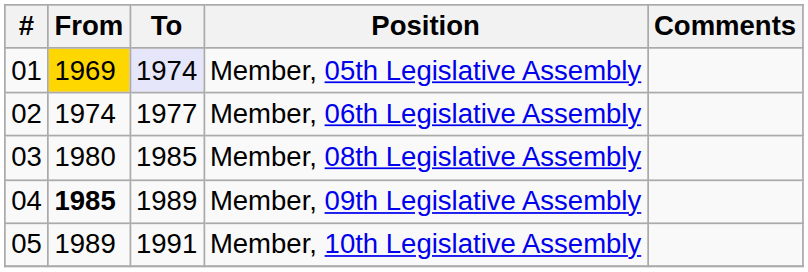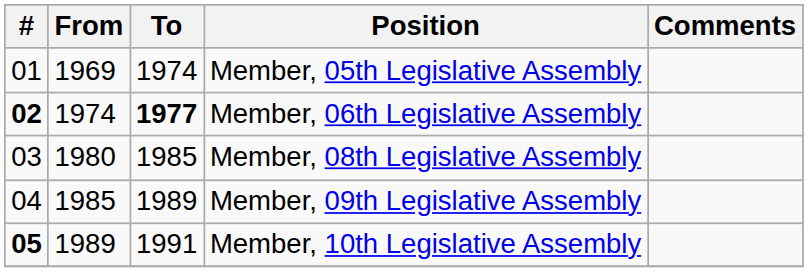 <table class="wikitable sortable">
 <tr>
 <th>#</th>
 <th>From</th>
 <th>To</th>
 <th>Position</th>
 <th>Comments</th>
 </tr>
 <tr>
 <td>01</td>
-<td style="background: gold;">1969</td>
-<td style="background: lavender;">1974</td>
+<td>1969</td>
+<td>1974</td>
 <td>Member, <a href='#'>05th Legislative Assembly</a></td>
 <td></td>
 </tr>
 <tr>
-<td>02</td>
+<td><strong>02</strong></td>
 <td>1974</td>
-<td>1977</td>
+<td><strong>1977</strong></td>
 <td>Member, <a href='#'>06th Legislative Assembly</a></td>
 <td></td>
 </tr>
 <tr>
 <td>03</td>
 <td>1980</td>
 <td>1985</td>
 <td>Member, <a href='#'>08th Legislative Assembly</a></td>
 <td></td>
 </tr>
 <tr>
 <td>04</td>
-<td><strong>1985</strong></td>
+<td>1985</td>
 <td>1989</td>
 <td>Member, <a href='#'>09th Legislative Assembly</a></td>
 <td></td>
 </tr>
 <tr>
-<td>05</td>
+<td><strong>05</strong></td>
 <td>1989</td>
 <td>1991</td>
 <td>Member, <a href='#'>10th Legislative Assembly</a></td>
 <td></td>
 </tr>
 <tr>
 </tr>
 </table>
